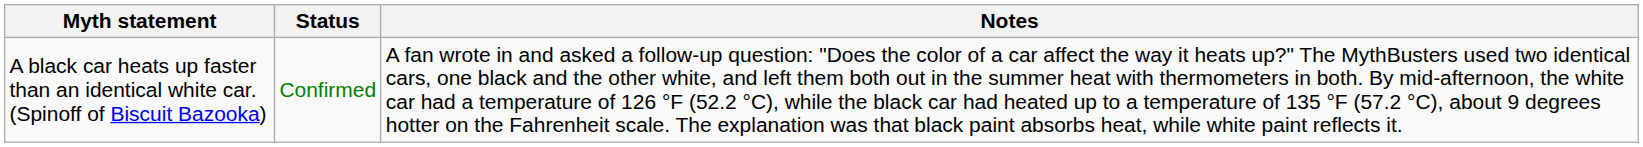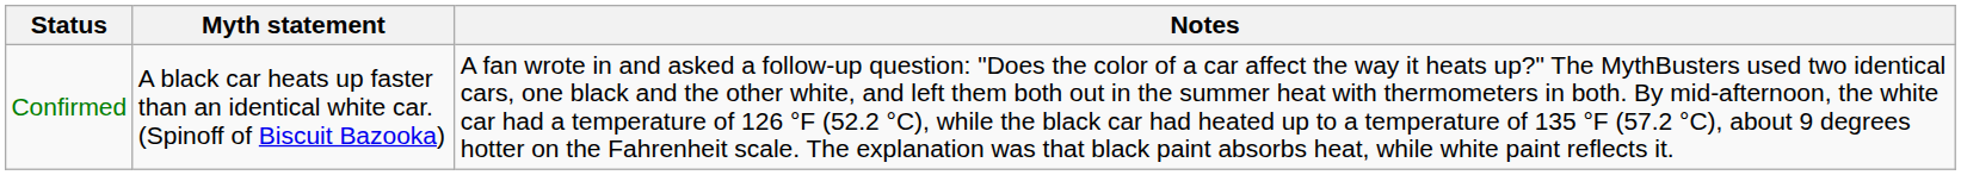 <table class="wikitable plainrowheaders">
 <tr>
+<th>Status</th>
 <th>Myth statement</th>
-<th>Status</th>
 <th>Notes</th>
 </tr>
 <tr>
+<td style="color:green">Confirmed</td>
 <td>A black car heats up faster than an identical white car. (Spinoff of <a href='#'>Biscuit Bazooka</a>)</td>
-<td style="color:green">Confirmed</td>
 <td>A fan wrote in and asked a follow-up question: "Does the color of a car affect the way it heats up?" The MythBusters used two identical cars, one black and the other white, and left them both out in the summer heat with thermometers in both. By mid-afternoon, the white car had a temperature of 126 °F (52.2 °C), while the black car had heated up to a temperature of 135 °F (57.2 °C), about 9 degrees hotter on the Fahrenheit scale. The explanation was that black paint absorbs heat, while white paint reflects it.</td>
 </tr>
 </table>
